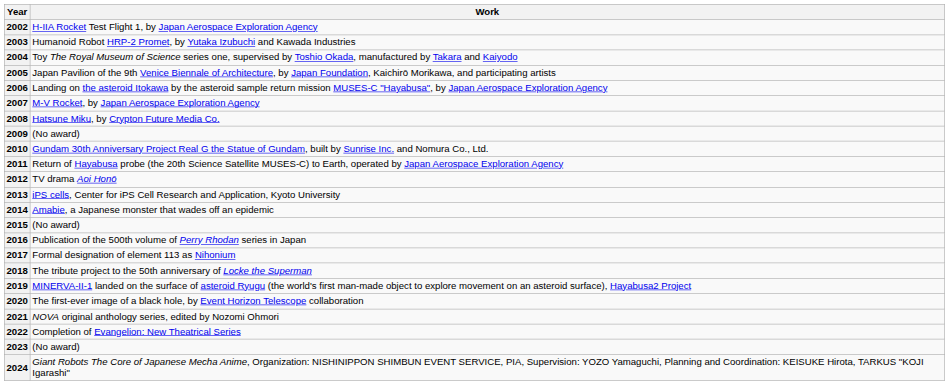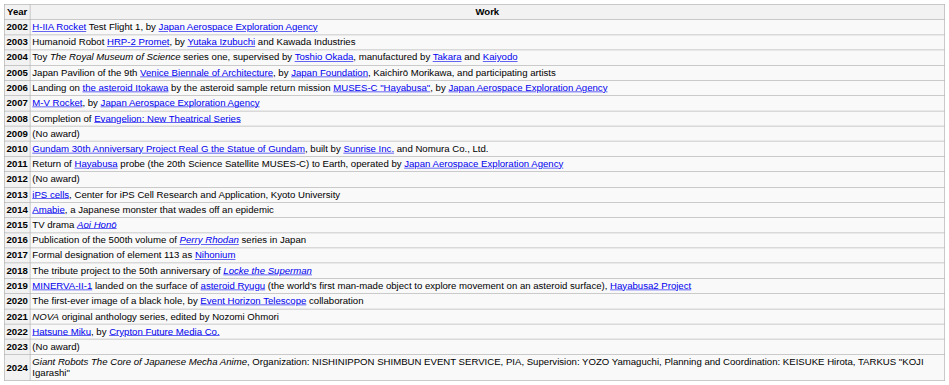 <table class="wikitable">
 <tr>
 <th>Year</th>
 <th>Work</th>
 </tr>
 <tr>
 <th>2002</th>
 <td><a href='#'>H-IIA Rocket</a> Test Flight 1, by <a href='#'>Japan Aerospace Exploration Agency</a></td>
 </tr>
 <tr>
 <th>2003</th>
 <td>Humanoid Robot <a href='#'>HRP-2 Promet</a>, by <a href='#'>Yutaka Izubuchi</a> and Kawada Industries</td>
 </tr>
 <tr>
 <th>2004</th>
 <td>Toy <em>The Royal Museum of Science</em> series one, supervised by <a href='#'>Toshio Okada</a>, manufactured by <a href='#'>Takara</a> and <a href='#'>Kaiyodo</a></td>
 </tr>
 <tr>
 <th>2005</th>
 <td>Japan Pavilion of the 9th <a href='#'>Venice Biennale of Architecture</a>, by <a href='#'>Japan Foundation</a>, Kaichirō Morikawa, and participating artists</td>
 </tr>
 <tr>
 <th>2006</th>
 <td>Landing on <a href='#'>the asteroid Itokawa</a> by the asteroid sample return mission <a href='#'>MUSES-C "Hayabusa"</a>, by <a href='#'>Japan Aerospace Exploration Agency</a></td>
 </tr>
 <tr>
 <th>2007</th>
 <td><a href='#'>M-V Rocket</a>, by <a href='#'>Japan Aerospace Exploration Agency</a></td>
 </tr>
 <tr>
 <th>2008</th>
-<td><a href='#'>Hatsune Miku</a>, by <a href='#'>Crypton Future Media Co.</a></td>
+<td>Completion of <a href='#'>Evangelion: New Theatrical Series</a></td>
 </tr>
 <tr>
 <th>2009</th>
 <td>(No award)</td>
 </tr>
 <tr>
 <th>2010</th>
 <td><a href='#'>Gundam 30th Anniversary Project Real G the Statue of Gundam</a>, built by <a href='#'>Sunrise Inc.</a> and Nomura Co., Ltd.</td>
 </tr>
 <tr>
 <th>2011</th>
 <td>Return of <a href='#'>Hayabusa</a> probe (the 20th Science Satellite MUSES-C) to Earth, operated by <a href='#'>Japan Aerospace Exploration Agency</a></td>
 </tr>
 <tr>
 <th>2012</th>
-<td>TV drama <em><a href='#'>Aoi Honō</a></em></td>
+<td>(No award)</td>
 </tr>
 <tr>
 <th>2013</th>
 <td><a href='#'>iPS cells</a>, Center for iPS Cell Research and Application, Kyoto University</td>
 </tr>
 <tr>
 <th>2014</th>
 <td><a href='#'>Amabie</a>, a Japanese monster that wades off an epidemic</td>
 </tr>
 <tr>
 <th>2015</th>
-<td>(No award)</td>
+<td>TV drama <em><a href='#'>Aoi Honō</a></em></td>
 </tr>
 <tr>
 <th>2016</th>
 <td>Publication of the 500th volume of <em><a href='#'>Perry Rhodan</a></em> series in Japan</td>
 </tr>
 <tr>
 <th>2017</th>
 <td>Formal designation of element 113 as <a href='#'>Nihonium</a></td>
 </tr>
 <tr>
 <th>2018</th>
 <td>The tribute project to the 50th anniversary of <em><a href='#'>Locke the Superman</a></em></td>
 </tr>
 <tr>
 <th>2019</th>
 <td><a href='#'>MINERVA-II-1</a> landed on the surface of <a href='#'>asteroid Ryugu</a> (the world's first man-made object to explore movement on an asteroid surface), <a href='#'>Hayabusa2 Project</a></td>
 </tr>
 <tr>
 <th>2020</th>
 <td>The first-ever image of a black hole, by <a href='#'>Event Horizon Telescope</a> collaboration</td>
 </tr>
 <tr>
 <th>2021</th>
 <td><em>NOVA</em> original anthology series, edited by Nozomi Ohmori</td>
 </tr>
 <tr>
 <th>2022</th>
-<td>Completion of <a href='#'>Evangelion: New Theatrical Series</a></td>
+<td><a href='#'>Hatsune Miku</a>, by <a href='#'>Crypton Future Media Co.</a></td>
 </tr>
 <tr>
 <th>2023</th>
 <td>(No award)</td>
 </tr>
 <tr>
 <th>2024</th>
 <td><em>Giant Robots The Core of Japanese Mecha Anime</em>, Organization: NISHINIPPON SHIMBUN EVENT SERVICE, PIA, Supervision: YOZO Yamaguchi, Planning and Coordination: KEISUKE Hirota, TARKUS "KOJI Igarashi"</td>
 </tr>
 </table>
